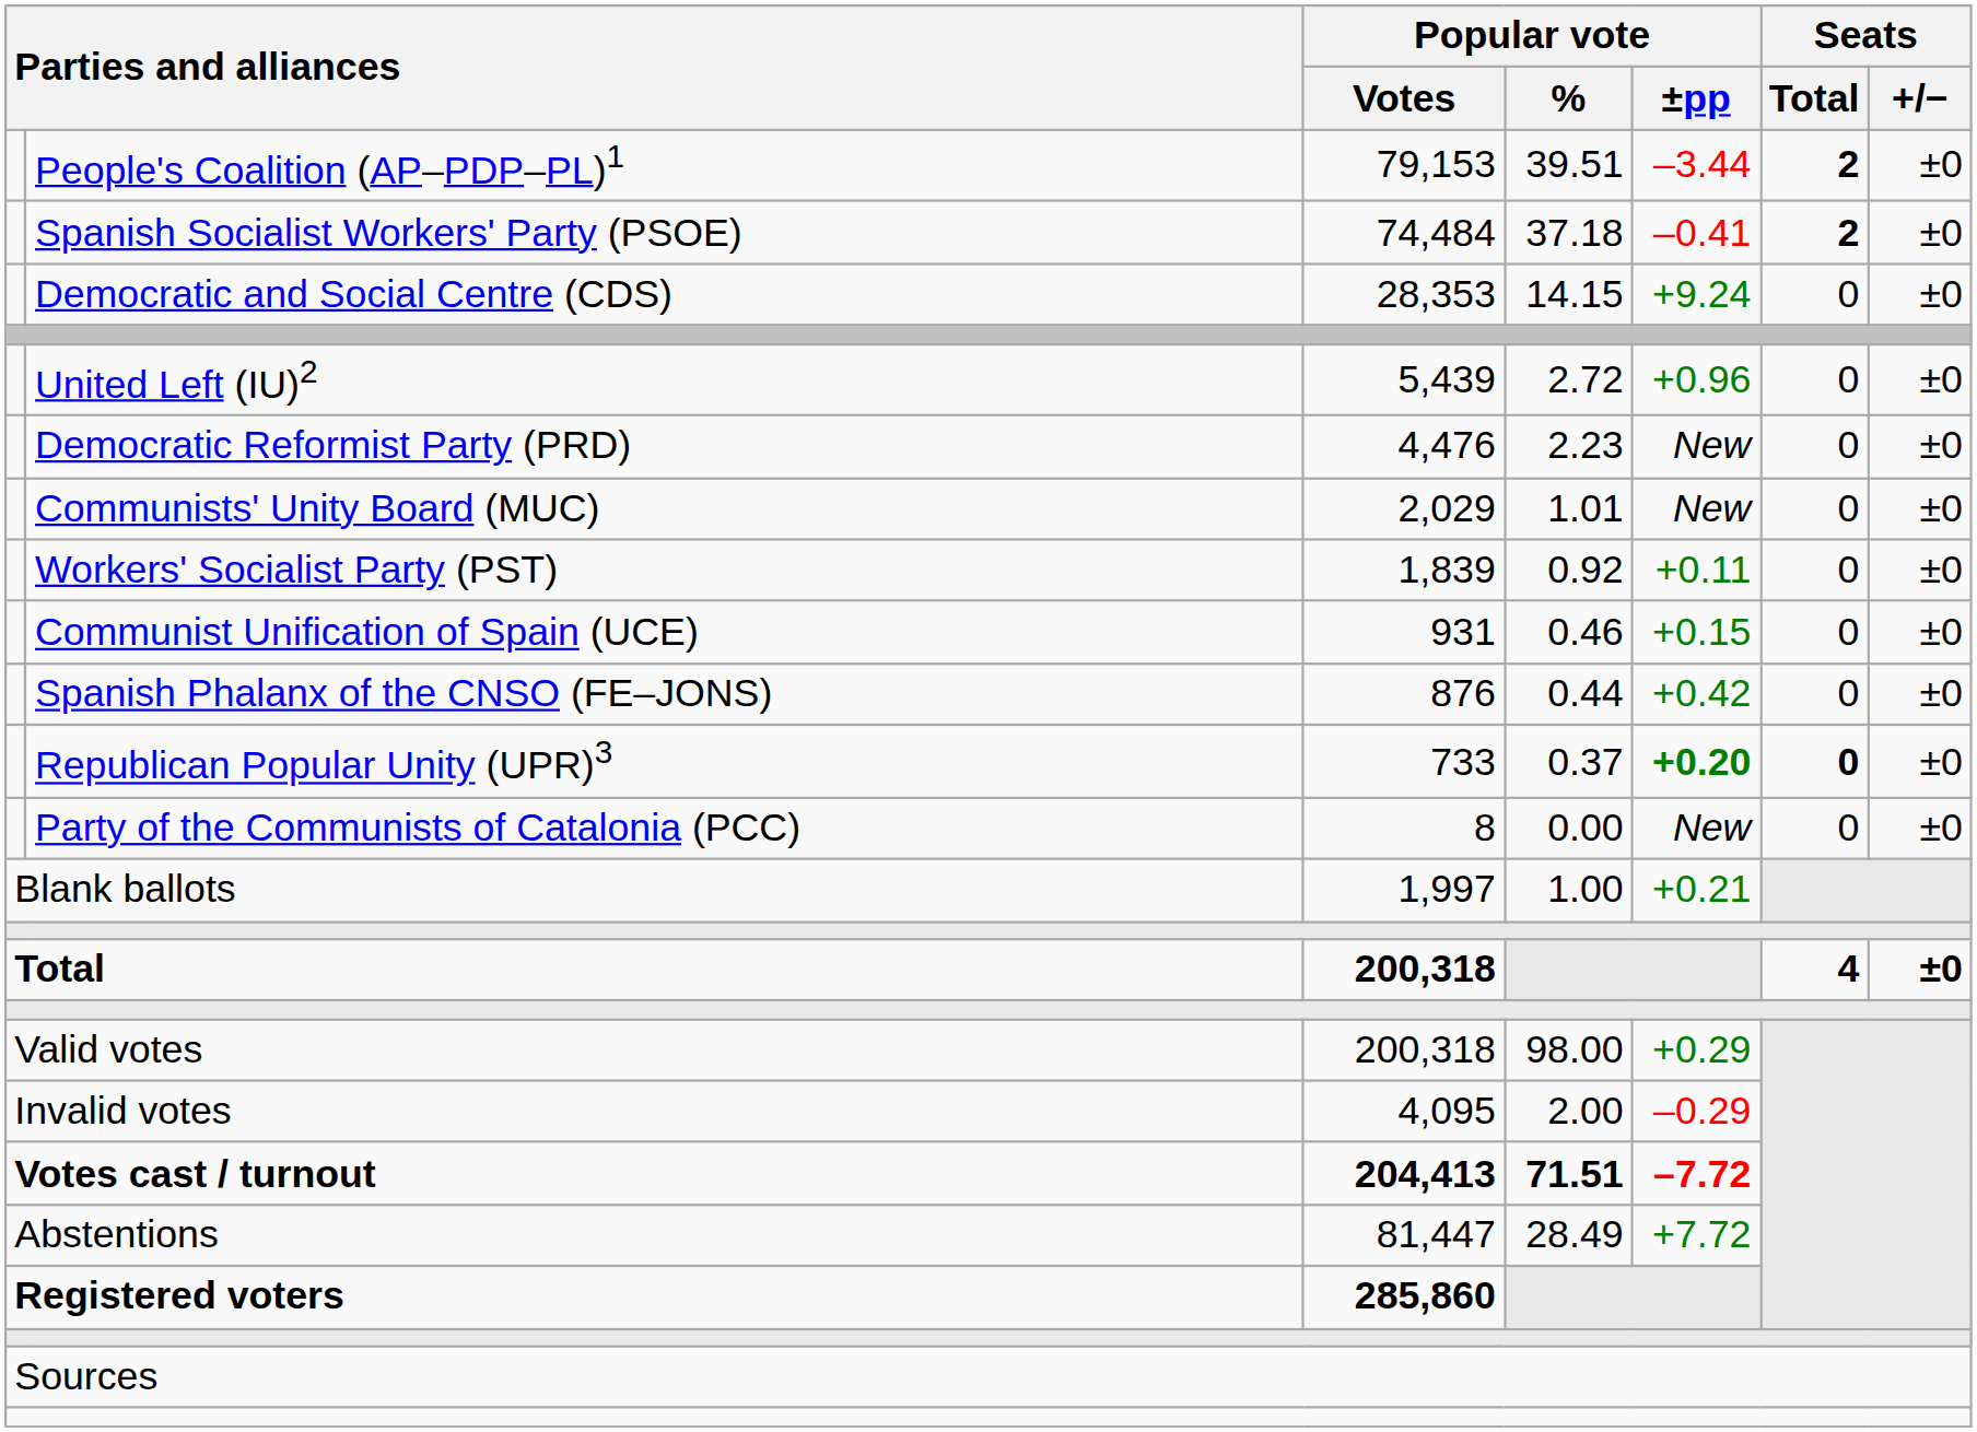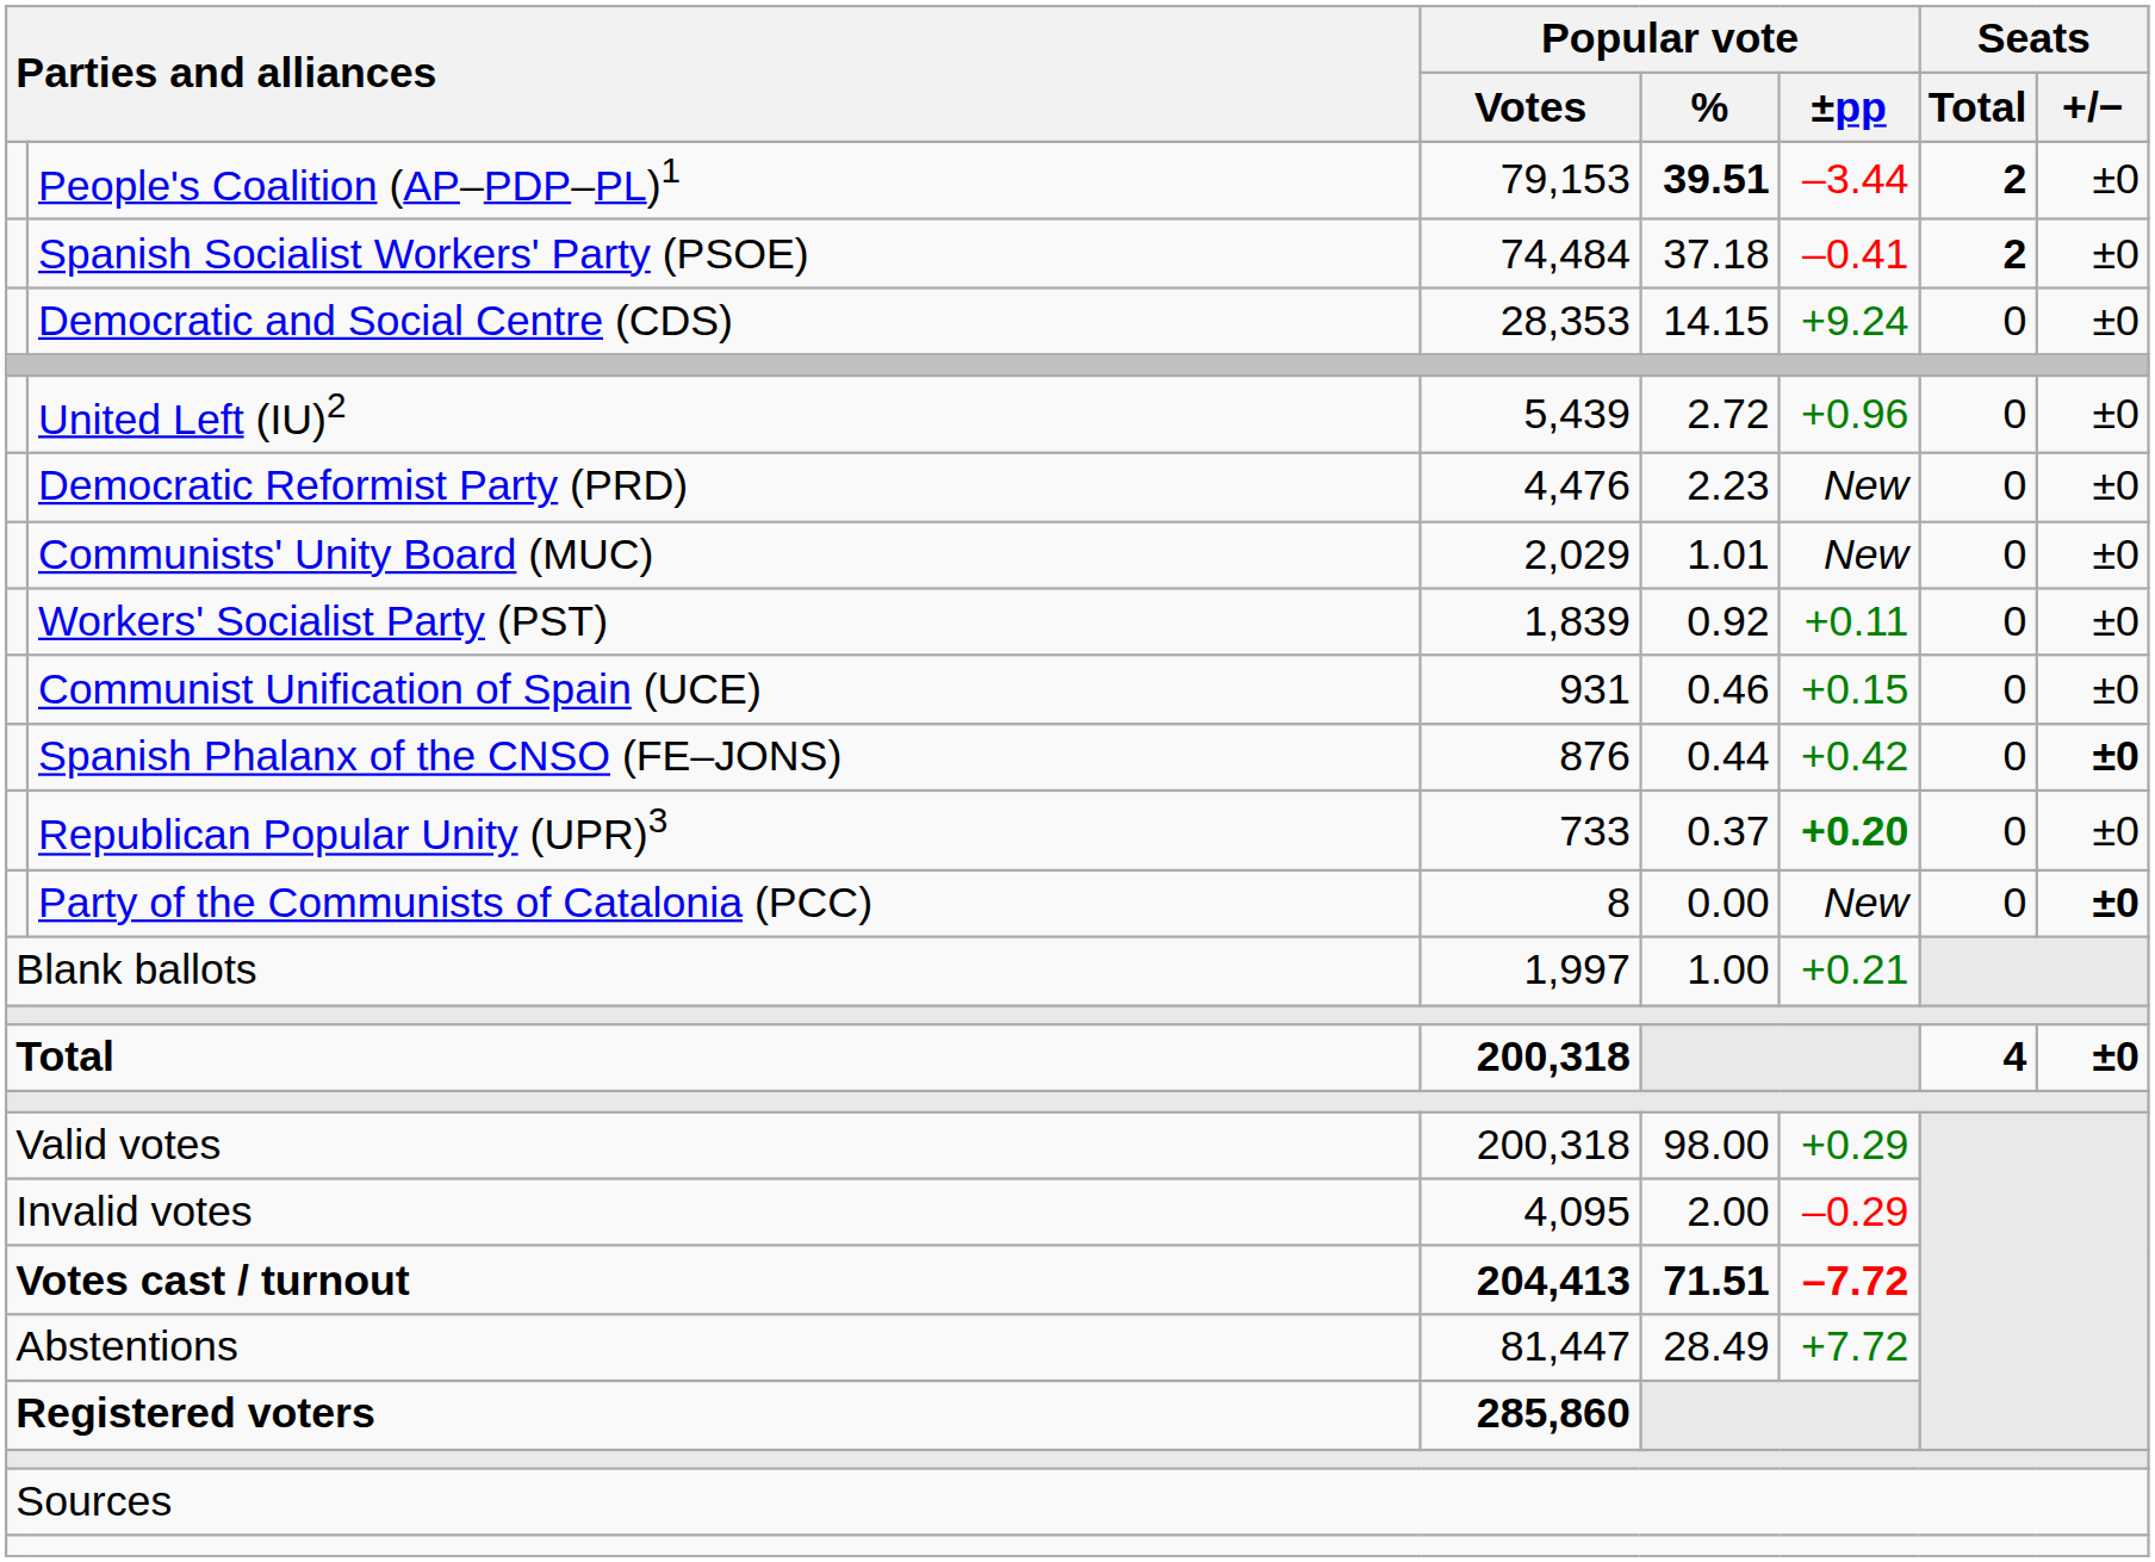 <table class="wikitable" style="text-align:right;">
 <tr>
 <th style="text-align:left;" rowspan="2" colspan="2" width="525">Parties and alliances</th>
 <th colspan="3">Popular vote</th>
 <th colspan="2">Seats</th>
 </tr>
 <tr>
 <th width="75">Votes</th>
 <th width="45">%</th>
 <th width="45">±<a href='#'>pp</a></th>
 <th width="35">Total</th>
 <th width="35">+/−</th>
 </tr>
 <tr>
 <td width="1" style="color:inherit;background:"></td>
 <td align="left"><a href='#'>People's Coalition</a> (<a href='#'>AP</a>–<a href='#'>PDP</a>–<a href='#'>PL</a>)<sup>1</sup></td>
 <td>79,153</td>
-<td>39.51</td>
+<td><strong>39.51</strong></td>
 <td style="color:red;">–3.44</td>
 <td><strong>2</strong></td>
 <td>±0</td>
 </tr>
 <tr>
 <td style="color:inherit;background:"></td>
 <td align="left"><a href='#'>Spanish Socialist Workers' Party</a> (PSOE)</td>
 <td>74,484</td>
 <td>37.18</td>
 <td style="color:red;">–0.41</td>
 <td><strong>2</strong></td>
 <td>±0</td>
 </tr>
 <tr>
 <td style="color:inherit;background:"></td>
 <td align="left"><a href='#'>Democratic and Social Centre</a> (CDS)</td>
 <td>28,353</td>
 <td>14.15</td>
 <td style="color:green;">+9.24</td>
 <td>0</td>
 <td>±0</td>
 </tr>
 <tr>
 <td colspan="7" bgcolor="#C0C0C0"></td>
 </tr>
 <tr>
 <td style="color:inherit;background:"></td>
 <td align="left"><a href='#'>United Left</a> (IU)<sup>2</sup></td>
 <td>5,439</td>
 <td>2.72</td>
 <td style="color:green;">+0.96</td>
 <td>0</td>
 <td>±0</td>
 </tr>
 <tr>
 <td style="color:inherit;background:"></td>
 <td align="left"><a href='#'>Democratic Reformist Party</a> (PRD)</td>
 <td>4,476</td>
 <td>2.23</td>
 <td><em>New</em></td>
 <td>0</td>
 <td>±0</td>
 </tr>
 <tr>
 <td style="color:inherit;background:"></td>
 <td align="left"><a href='#'>Communists' Unity Board</a> (MUC)</td>
 <td>2,029</td>
 <td>1.01</td>
 <td><em>New</em></td>
 <td>0</td>
 <td>±0</td>
 </tr>
 <tr>
 <td style="color:inherit;background:"></td>
 <td align="left"><a href='#'>Workers' Socialist Party</a> (PST)</td>
 <td>1,839</td>
 <td>0.92</td>
 <td style="color:green;">+0.11</td>
 <td>0</td>
 <td>±0</td>
 </tr>
 <tr>
 <td style="color:inherit;background:"></td>
 <td align="left"><a href='#'>Communist Unification of Spain</a> (UCE)</td>
 <td>931</td>
 <td>0.46</td>
 <td style="color:green;">+0.15</td>
 <td>0</td>
 <td>±0</td>
 </tr>
 <tr>
 <td style="color:inherit;background:"></td>
 <td align="left"><a href='#'>Spanish Phalanx of the CNSO</a> (FE–JONS)</td>
 <td>876</td>
 <td>0.44</td>
 <td style="color:green;">+0.42</td>
 <td>0</td>
-<td>±0</td>
+<td><strong>±0</strong></td>
 </tr>
 <tr>
 <td style="color:inherit;background:"></td>
 <td align="left"><a href='#'>Republican Popular Unity</a> (UPR)<sup>3</sup></td>
 <td>733</td>
 <td>0.37</td>
 <td style="color:green;"><strong>+0.20</strong></td>
-<td><strong>0</strong></td>
+<td>0</td>
 <td>±0</td>
 </tr>
 <tr>
 <td style="color:inherit;background:"></td>
 <td align="left"><a href='#'>Party of the Communists of Catalonia</a> (PCC)</td>
 <td>8</td>
 <td>0.00</td>
 <td><em>New</em></td>
 <td>0</td>
-<td>±0</td>
+<td><strong>±0</strong></td>
 </tr>
 <tr>
 <td align="left" colspan="2">Blank ballots</td>
 <td>1,997</td>
 <td>1.00</td>
 <td style="color:green;">+0.21</td>
 <td bgcolor="#E9E9E9" colspan="2"></td>
 </tr>
 <tr>
 <td colspan="7" bgcolor="#E9E9E9"></td>
 </tr>
 <tr style="font-weight:bold;">
 <td align="left" colspan="2">Total</td>
 <td>200,318</td>
 <td bgcolor="#E9E9E9" colspan="2"></td>
 <td>4</td>
 <td>±0</td>
 </tr>
 <tr>
 <td colspan="7" bgcolor="#E9E9E9"></td>
 </tr>
 <tr>
 <td align="left" colspan="2">Valid votes</td>
 <td>200,318</td>
 <td>98.00</td>
 <td style="color:green;">+0.29</td>
 <td bgcolor="#E9E9E9" colspan="2" rowspan="5"></td>
 </tr>
 <tr>
 <td align="left" colspan="2">Invalid votes</td>
 <td>4,095</td>
 <td>2.00</td>
 <td style="color:red;">–0.29</td>
 </tr>
 <tr style="font-weight:bold;">
 <td align="left" colspan="2">Votes cast / turnout</td>
 <td>204,413</td>
 <td>71.51</td>
 <td style="color:red;">–7.72</td>
 </tr>
 <tr>
 <td align="left" colspan="2">Abstentions</td>
 <td>81,447</td>
 <td>28.49</td>
 <td style="color:green;">+7.72</td>
 </tr>
 <tr style="font-weight:bold;">
 <td align="left" colspan="2">Registered voters</td>
 <td>285,860</td>
 <td bgcolor="#E9E9E9" colspan="2"></td>
 </tr>
 <tr>
 <td colspan="7" bgcolor="#E9E9E9"></td>
 </tr>
 <tr>
 <td align="left" colspan="7">Sources</td>
 </tr>
 <tr>
 <td colspan="7" style="text-align:left; max-width:790px;"></td>
 </tr>
 </table>
